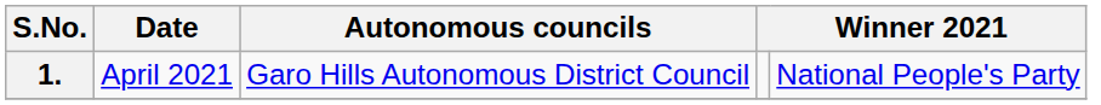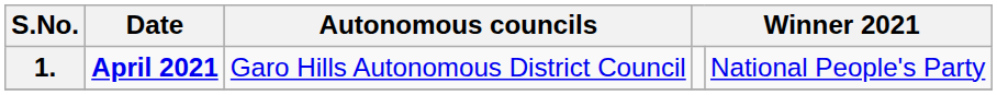 <table class="wikitable sortable">
 <tr>
 <th>S.No.</th>
 <th>Date</th>
 <th>Autonomous councils</th>
 <th colspan="2">Winner 2021</th>
 </tr>
 <tr>
 <th>1.</th>
-<td><a href='#'>April 2021</a></td>
+<td><strong><a href='#'>April 2021</a></strong></td>
 <td><a href='#'>Garo Hills Autonomous District Council</a></td>
 <td style="background:"></td>
 <td><a href='#'>National People's Party</a></td>
 </tr>
 <tr>
 </tr>
 </table>
